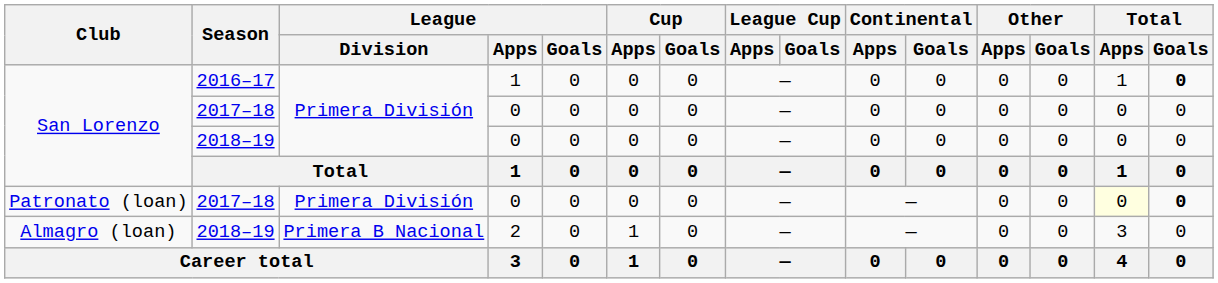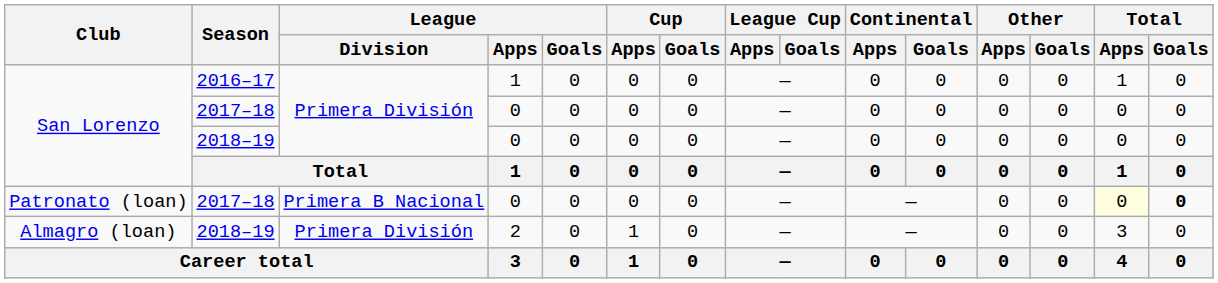 <table class="wikitable" style="text-align:center">
 <tr>
 <th rowspan="2">Club</th>
 <th rowspan="2">Season</th>
 <th colspan="3">League</th>
 <th colspan="2">Cup</th>
 <th colspan="2">League Cup</th>
 <th colspan="2">Continental</th>
 <th colspan="2">Other</th>
 <th colspan="2">Total</th>
 </tr>
 <tr>
 <th>Division</th>
 <th>Apps</th>
 <th>Goals</th>
 <th>Apps</th>
 <th>Goals</th>
 <th>Apps</th>
 <th>Goals</th>
 <th>Apps</th>
 <th>Goals</th>
 <th>Apps</th>
 <th>Goals</th>
 <th>Apps</th>
 <th>Goals</th>
 </tr>
 <tr>
 <td rowspan="4"><a href='#'>San Lorenzo</a></td>
 <td><a href='#'>2016–17</a></td>
 <td rowspan="3"><a href='#'>Primera División</a></td>
 <td>1</td>
 <td>0</td>
 <td>0</td>
 <td>0</td>
 <td colspan="2">—</td>
 <td>0</td>
 <td>0</td>
 <td>0</td>
 <td>0</td>
 <td>1</td>
-<td><strong>0</strong></td>
+<td>0</td>
 </tr>
 <tr>
 <td><a href='#'>2017–18</a></td>
 <td>0</td>
 <td>0</td>
 <td>0</td>
 <td>0</td>
 <td colspan="2">—</td>
 <td>0</td>
 <td>0</td>
 <td>0</td>
 <td>0</td>
 <td>0</td>
 <td>0</td>
 </tr>
 <tr>
 <td><a href='#'>2018–19</a></td>
 <td>0</td>
 <td>0</td>
 <td>0</td>
 <td>0</td>
 <td colspan="2">—</td>
 <td>0</td>
 <td>0</td>
 <td>0</td>
 <td>0</td>
 <td>0</td>
 <td>0</td>
 </tr>
 <tr>
 <th colspan="2">Total</th>
 <th>1</th>
 <th>0</th>
 <th>0</th>
 <th>0</th>
 <th colspan="2">—</th>
 <th>0</th>
 <th>0</th>
 <th>0</th>
 <th>0</th>
 <th>1</th>
 <th>0</th>
 </tr>
 <tr>
 <td rowspan="1"><a href='#'>Patronato</a> (loan)</td>
 <td><a href='#'>2017–18</a></td>
-<td rowspan="1"><a href='#'>Primera División</a></td>
+<td rowspan="1"><a href='#'>Primera B Nacional</a></td>
 <td>0</td>
 <td>0</td>
 <td>0</td>
 <td>0</td>
 <td colspan="2">—</td>
 <td colspan="2">—</td>
 <td>0</td>
 <td>0</td>
 <td style="background: lightyellow;">0</td>
 <td><strong>0</strong></td>
 </tr>
 <tr>
 <td rowspan="1"><a href='#'>Almagro</a> (loan)</td>
 <td><a href='#'>2018–19</a></td>
-<td rowspan="1"><a href='#'>Primera B Nacional</a></td>
+<td rowspan="1"><a href='#'>Primera División</a></td>
 <td>2</td>
 <td>0</td>
 <td>1</td>
 <td>0</td>
 <td colspan="2">—</td>
 <td colspan="2">—</td>
 <td>0</td>
 <td>0</td>
 <td>3</td>
 <td>0</td>
 </tr>
 <tr>
 <th colspan="3">Career total</th>
 <th>3</th>
 <th>0</th>
 <th>1</th>
 <th>0</th>
 <th colspan="2">—</th>
 <th>0</th>
 <th>0</th>
 <th>0</th>
 <th>0</th>
 <th>4</th>
 <th>0</th>
 </tr>
 </table>
